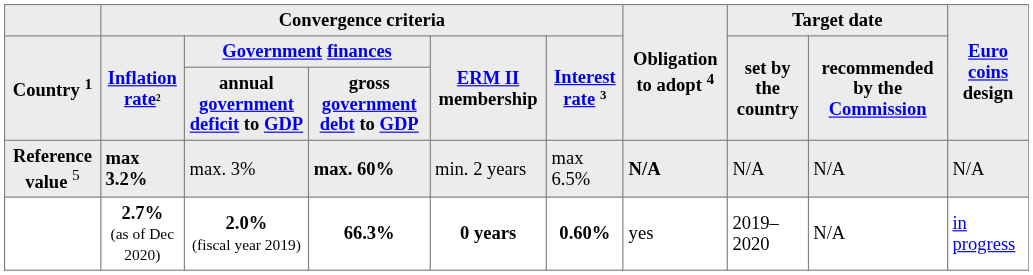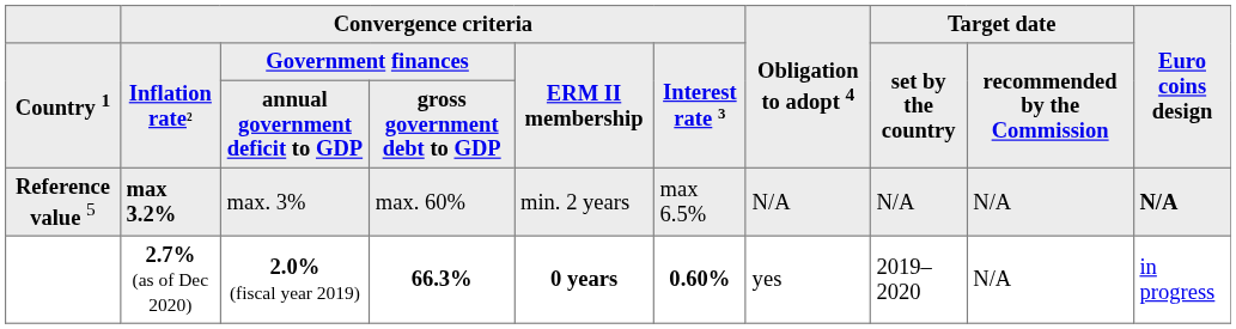 <table border="1" cellpadding="4" cellspacing=0 class="toccolours" style="border-collapse:collapse">
 <tr style="background:#ececec;">
 <th></th>
 <th colspan="5">Convergence criteria</th>
 <th rowspan="3">Obligation to adopt <sup>4</sup></th>
 <th colspan="2">Target date</th>
 <th rowspan="3"><a href='#'>Euro coins</a> design</th>
 </tr>
 <tr style="background:#ececec;">
 <th rowspan="2">Country <sup>1</sup></th>
 <th rowspan="2"><a href='#'>Inflation rate</a><small>²</small></th>
 <th colspan="2"><a href='#'>Government</a> <a href='#'>finances</a></th>
 <th rowspan="2"><a href='#'>ERM II</a> membership</th>
 <th rowspan="2"><a href='#'>Interest rate</a> <small><sup>3</sup></small></th>
 <th rowspan="2">set by the country</th>
 <th rowspan="2">recommended by the <a href='#'>Commission</a></th>
 </tr>
 <tr style="background:#ececec;">
 <th>annual <a href='#'>government</a> <a href='#'>deficit</a> to <a href='#'>GDP</a></th>
 <th>gross <a href='#'>government debt</a> to <a href='#'>GDP</a></th>
 </tr>
 <tr style="background:#ececec;">
 <td style="text-align:center;"><strong>Reference value</strong> <sup>5</sup></td>
 <td><strong>max 3.2%</strong></td>
 <td>max. 3%</td>
-<td><strong>max. 60%</strong></td>
+<td>max. 60%</td>
 <td>min. 2 years</td>
 <td>max 6.5%</td>
-<td><strong>N/A</strong></td>
 <td>N/A</td>
 <td>N/A</td>
 <td>N/A</td>
+<td><strong>N/A</strong></td>
 </tr>
 <tr>
 <td style="text-align:center;"><strong></strong></td>
 <td style="text-align:center;"><strong>2.7%</strong><br><small>(as of Dec 2020)</small></td>
 <td style="text-align:center;"><strong>2.0%</strong><br><small>(fiscal year 2019)</small></td>
 <td style="text-align:center;"><strong>66.3%</strong></td>
 <td style="text-align:center;"><strong>0 years</strong></td>
 <td style="text-align:center;"><strong>0.60%</strong><br></td>
 <td>yes</td>
 <td>2019–2020</td>
 <td>N/A</td>
 <td><a href='#'>in progress</a></td>
 </tr>
 </table>
